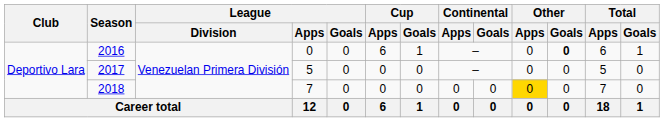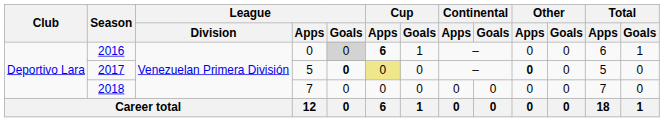 <table class="wikitable" style="text-align: center">
 <tr>
 <th rowspan="2">Club</th>
 <th rowspan="2">Season</th>
 <th colspan="3">League</th>
 <th colspan="2">Cup</th>
 <th colspan="2">Continental</th>
 <th colspan="2">Other</th>
 <th colspan="2">Total</th>
 </tr>
 <tr>
 <th>Division</th>
 <th>Apps</th>
 <th>Goals</th>
 <th>Apps</th>
 <th>Goals</th>
 <th>Apps</th>
 <th>Goals</th>
 <th>Apps</th>
 <th>Goals</th>
 <th>Apps</th>
 <th>Goals</th>
 </tr>
 <tr>
 <td rowspan="3"><a href='#'>Deportivo Lara</a></td>
 <td><a href='#'>2016</a></td>
 <td rowspan="3"><a href='#'>Venezuelan Primera División</a></td>
 <td>0</td>
-<td>0</td>
-<td>6</td>
+<td style="background: lightgrey;">0</td>
+<td><strong>6</strong></td>
 <td>1</td>
 <td colspan="2">–</td>
 <td>0</td>
-<td><strong>0</strong></td>
+<td>0</td>
 <td>6</td>
 <td>1</td>
 </tr>
 <tr>
 <td><a href='#'>2017</a></td>
 <td>5</td>
-<td>0</td>
-<td>0</td>
+<td><strong>0</strong></td>
+<td style="background: khaki;">0</td>
 <td>0</td>
 <td colspan="2">–</td>
-<td>0</td>
+<td><strong>0</strong></td>
 <td>0</td>
 <td>5</td>
 <td>0</td>
 </tr>
 <tr>
 <td><a href='#'>2018</a></td>
 <td>7</td>
 <td>0</td>
 <td>0</td>
 <td>0</td>
 <td>0</td>
 <td>0</td>
-<td style="background: gold;">0</td>
+<td>0</td>
 <td>0</td>
 <td>7</td>
 <td>0</td>
 </tr>
 <tr>
 <th colspan="3">Career total</th>
 <th>12</th>
 <th>0</th>
 <th>6</th>
 <th>1</th>
 <th>0</th>
 <th>0</th>
 <th>0</th>
 <th>0</th>
 <th>18</th>
 <th>1</th>
 </tr>
 </table>
